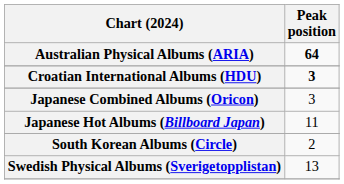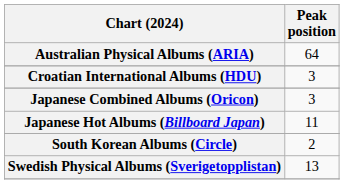 <table class="wikitable sortable plainrowheaders" style="text-align:center">
 <tr>
 <th scope="col">Chart (2024)</th>
 <th scope="col">Peak<br>position</th>
 </tr>
 <tr>
 <th scope="row">Australian Physical Albums (<a href='#'>ARIA</a>)</th>
-<td><strong>64</strong></td>
+<td>64</td>
 </tr>
 <tr>
 </tr>
 <tr>
 </tr>
 <tr>
 </tr>
 <tr>
 <th scope="row">Croatian International Albums (<a href='#'>HDU</a>)</th>
-<td><strong>3</strong></td>
+<td>3</td>
 </tr>
 <tr>
 </tr>
 <tr>
 </tr>
 <tr>
 </tr>
 <tr>
 </tr>
 <tr>
 <th scope="row">Japanese Combined Albums (<a href='#'>Oricon</a>)</th>
 <td>3</td>
 </tr>
 <tr>
 <th scope="row">Japanese Hot Albums (<em><a href='#'>Billboard Japan</a></em>)</th>
 <td>11</td>
 </tr>
 <tr>
 </tr>
 <tr>
 </tr>
 <tr>
 <th scope="row">South Korean Albums (<a href='#'>Circle</a>)</th>
 <td>2</td>
 </tr>
 <tr>
 <th scope="row">Swedish Physical Albums (<a href='#'>Sverigetopplistan</a>)</th>
 <td>13</td>
 </tr>
 <tr>
 </tr>
 <tr>
 </tr>
 <tr>
 </tr>
 <tr>
 </tr>
 </table>
